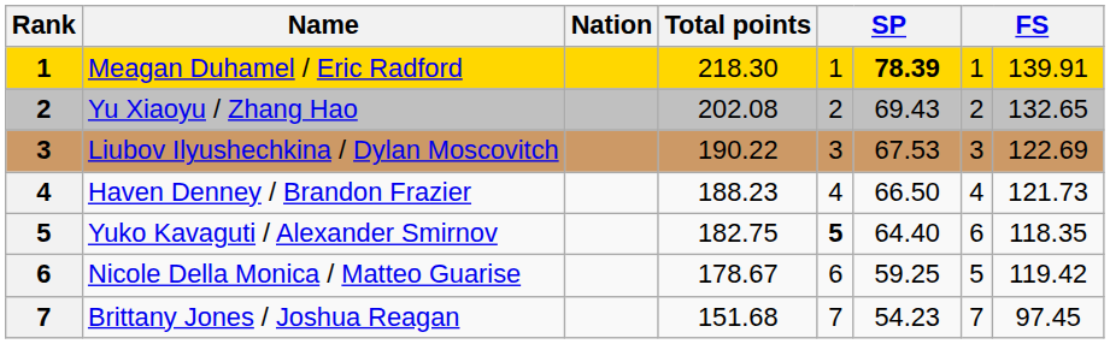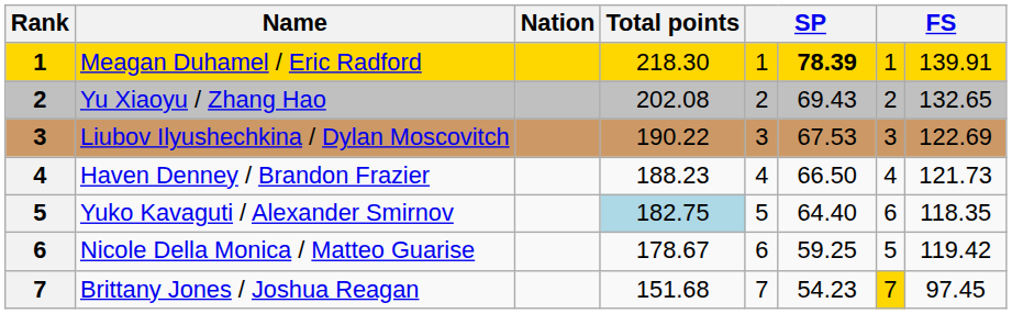 <table class="wikitable sortable">
 <tr>
 <th>Rank</th>
 <th>Name</th>
 <th>Nation</th>
 <th>Total points</th>
 <th colspan="2" width="80px"><a href='#'>SP</a></th>
 <th colspan="2" width="80px"><a href='#'>FS</a></th>
 </tr>
 <tr bgcolor="gold">
 <td align="center"><strong>1</strong></td>
 <td><a href='#'>Meagan Duhamel</a> / <a href='#'>Eric Radford</a></td>
 <td></td>
 <td align="center">218.30</td>
 <td align="center">1</td>
 <td align="center"><strong>78.39</strong></td>
 <td align="center">1</td>
 <td align="center">139.91</td>
 </tr>
 <tr bgcolor="silver">
 <td align="center"><strong>2</strong></td>
 <td><a href='#'>Yu Xiaoyu</a> / <a href='#'>Zhang Hao</a></td>
 <td></td>
 <td align="center">202.08</td>
 <td align="center">2</td>
 <td align="center">69.43</td>
 <td align="center">2</td>
 <td align="center">132.65</td>
 </tr>
 <tr bgcolor="cc9966">
 <td align="center"><strong>3</strong></td>
 <td><a href='#'>Liubov Ilyushechkina</a> / <a href='#'>Dylan Moscovitch</a></td>
 <td></td>
 <td align="center">190.22</td>
 <td align="center">3</td>
 <td align="center">67.53</td>
 <td align="center">3</td>
 <td align="center">122.69</td>
 </tr>
 <tr>
 <th>4</th>
 <td><a href='#'>Haven Denney</a> / <a href='#'>Brandon Frazier</a></td>
 <td></td>
 <td align="center">188.23</td>
 <td align="center">4</td>
 <td align="center">66.50</td>
 <td align="center">4</td>
 <td align="center">121.73</td>
 </tr>
 <tr>
 <th>5</th>
 <td><a href='#'>Yuko Kavaguti</a> / <a href='#'>Alexander Smirnov</a></td>
 <td></td>
-<td align="center">182.75</td>
-<td align="center"><strong>5</strong></td>
+<td align="center" style="background: lightblue;">182.75</td>
+<td align="center">5</td>
 <td align="center">64.40</td>
 <td align="center">6</td>
 <td align="center">118.35</td>
 </tr>
 <tr>
 <th>6</th>
 <td><a href='#'>Nicole Della Monica</a> / <a href='#'>Matteo Guarise</a></td>
 <td></td>
 <td align="center">178.67</td>
 <td align="center">6</td>
 <td align="center">59.25</td>
 <td align="center">5</td>
 <td align="center">119.42</td>
 </tr>
 <tr>
 <th>7</th>
 <td><a href='#'>Brittany Jones</a> / <a href='#'>Joshua Reagan</a></td>
 <td></td>
 <td align="center">151.68</td>
 <td align="center">7</td>
 <td align="center">54.23</td>
-<td align="center">7</td>
+<td align="center" style="background: gold;">7</td>
 <td align="center">97.45</td>
 </tr>
 </table>
